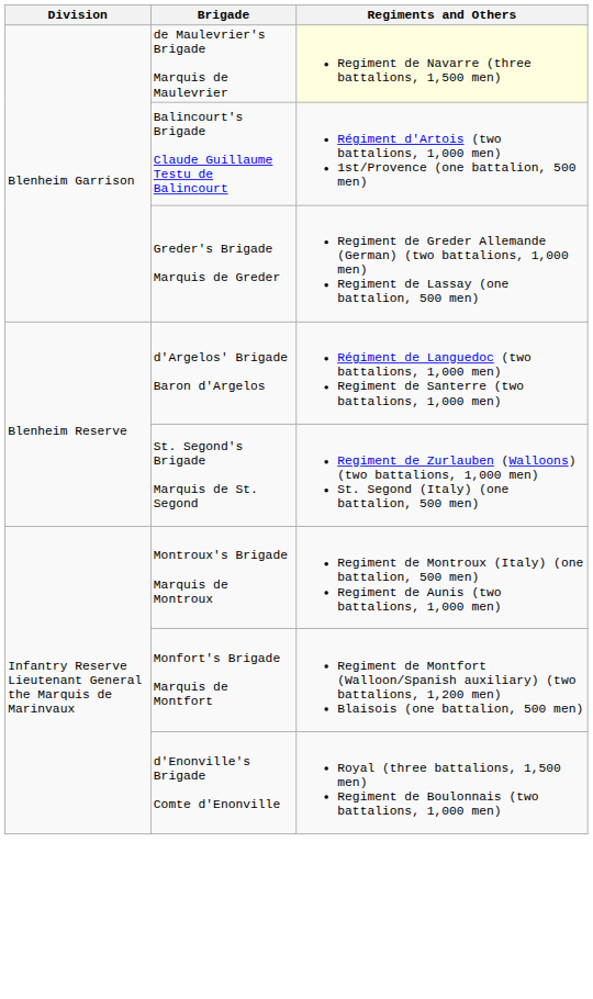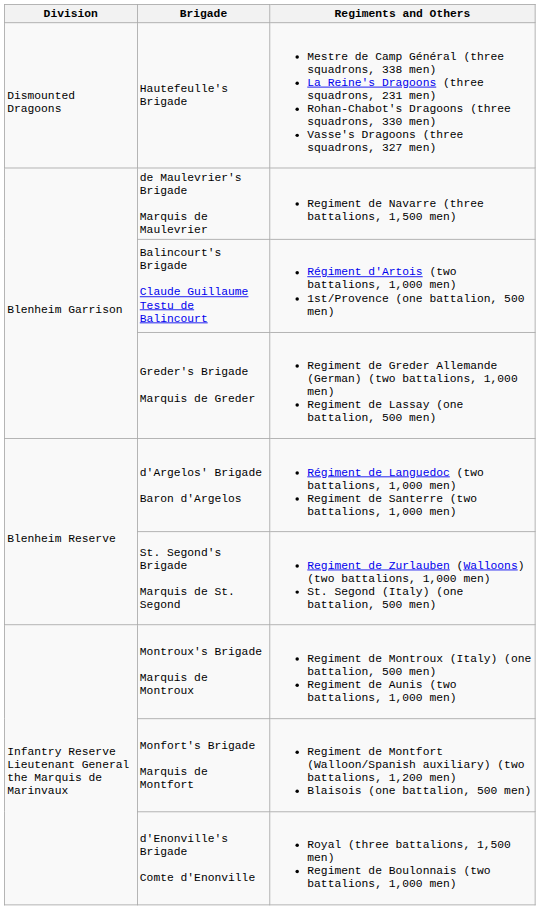 <table class="wikitable">
 <tr>
 <th width=25%>Division</th>
 <th width=25%>Brigade</th>
 <th>Regiments and Others</th>
 </tr>
 <tr>
+<td rowspan=1><br>Dismounted Dragoons</td>
+<td>Hautefeulle's Brigade</td>
+<td><br><ul><li>Mestre de Camp Général (three squadrons, 338 men)</li><li><a href='#'>La Reine's Dragoons</a> (three squadrons, 231 men)</li><li>Rohan-Chabot's Dragoons (three squadrons, 330 men)</li><li>Vasse's Dragoons (three squadrons, 327 men)</li></ul></td>
+</tr>
+<tr>
 <td rowspan=3><br>Blenheim Garrison</td>
 <td>de Maulevrier's Brigade<br><br> Marquis de Maulevrier</td>
-<td style="background: lightyellow;"><br><ul><li>Regiment de Navarre (three battalions, 1,500 men)</li></ul></td>
+<td><br><ul><li>Regiment de Navarre (three battalions, 1,500 men)</li></ul></td>
 </tr>
 <tr>
 <td>Balincourt's Brigade<br><br> <a href='#'>Claude Guillaume Testu de Balincourt</a></td>
 <td><br><ul><li><a href='#'>Régiment d'Artois</a> (two battalions, 1,000 men)</li><li>1st/Provence (one battalion, 500 men)</li></ul></td>
 </tr>
 <tr>
 <td>Greder's Brigade<br><br> Marquis de Greder</td>
 <td><br><ul><li>Regiment de Greder Allemande (German) (two battalions, 1,000 men)</li><li>Regiment de Lassay (one battalion, 500 men)</li></ul></td>
 </tr>
 <tr>
 <td rowspan=2><br>Blenheim Reserve</td>
 <td>d'Argelos' Brigade<br><br> Baron d'Argelos</td>
 <td><br><ul><li><a href='#'>Régiment de Languedoc</a> (two battalions, 1,000 men)</li><li>Regiment de Santerre (two battalions, 1,000 men)</li></ul></td>
 </tr>
 <tr>
 <td>St. Segond's Brigade<br><br> Marquis de St. Segond</td>
 <td><br><ul><li><a href='#'>Regiment de Zurlauben</a> (<a href='#'>Walloons</a>) (two battalions, 1,000 men)</li><li>St. Segond (Italy) (one battalion, 500 men)</li></ul></td>
 </tr>
 <tr>
 <td rowspan=3><br>Infantry Reserve <br> Lieutenant General the Marquis de Marinvaux</td>
 <td>Montroux's Brigade<br><br> Marquis de Montroux</td>
 <td><br><ul><li>Regiment de Montroux (Italy) (one battalion, 500 men)</li><li>Regiment de Aunis (two battalions, 1,000 men)</li></ul></td>
 </tr>
 <tr>
 <td>Monfort's Brigade<br><br> Marquis de Montfort</td>
 <td><br><ul><li>Regiment de Montfort (Walloon/Spanish auxiliary) (two battalions, 1,200 men)</li><li>Blaisois (one battalion, 500 men)</li></ul></td>
 </tr>
 <tr>
 <td>d'Enonville's Brigade<br><br> Comte d'Enonville</td>
 <td><br><ul><li>Royal (three battalions, 1,500 men)</li><li>Regiment de Boulonnais (two battalions, 1,000 men)</li></ul></td>
 </tr>
 </table>
